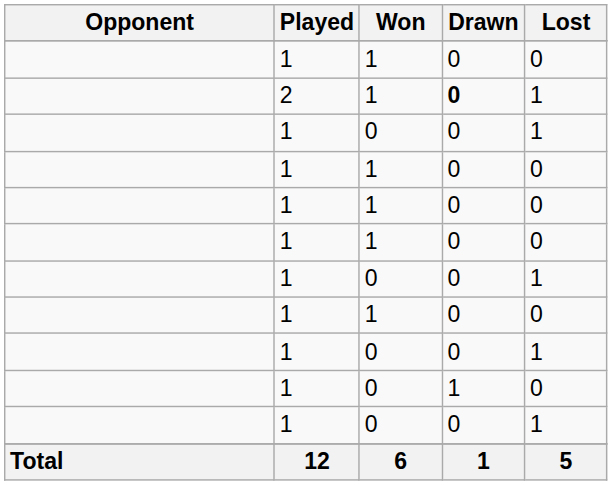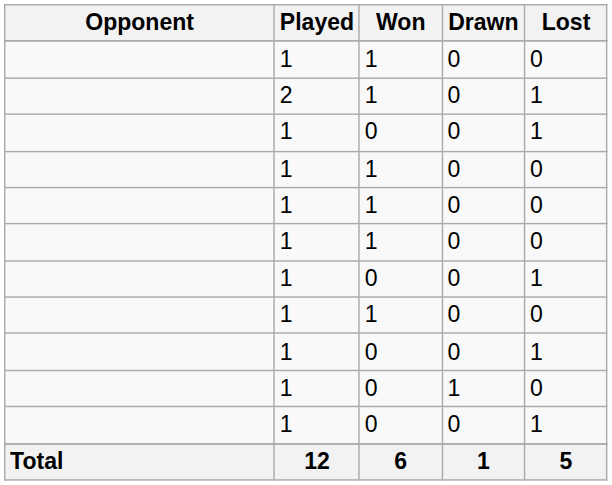 <table class="wikitable sortable" style="font-size:100%">
 <tr>
 <th style="width:180px;">Opponent</th>
 <th style="width:50px;">Played</th>
 <th style="width:50px;">Won</th>
 <th style="width:50px;">Drawn</th>
 <th style="width:50px;">Lost</th>
 </tr>
 <tr>
 </tr>
 <tr>
 <td style="text-align:left;"></td>
 <td>1</td>
 <td>1</td>
 <td>0</td>
 <td>0</td>
 </tr>
 <tr>
 <td style="text-align:left;"></td>
 <td>2</td>
 <td>1</td>
-<td><strong>0</strong></td>
+<td>0</td>
 <td>1</td>
 </tr>
 <tr>
 <td style="text-align:left;"></td>
 <td>1</td>
 <td>0</td>
 <td>0</td>
 <td>1</td>
 </tr>
 <tr>
 <td style="text-align:left;"></td>
 <td>1</td>
 <td>1</td>
 <td>0</td>
 <td>0</td>
 </tr>
 <tr>
 <td style="text-align:left;"></td>
 <td>1</td>
 <td>1</td>
 <td>0</td>
 <td>0</td>
 </tr>
 <tr>
 <td style="text-align:left;"></td>
 <td>1</td>
 <td>1</td>
 <td>0</td>
 <td>0</td>
 </tr>
 <tr>
 <td style="text-align:left;"></td>
 <td>1</td>
 <td>0</td>
 <td>0</td>
 <td>1</td>
 </tr>
 <tr>
 <td style="text-align:left;"></td>
 <td>1</td>
 <td>1</td>
 <td>0</td>
 <td>0</td>
 </tr>
 <tr>
 <td style="text-align:left;"></td>
 <td>1</td>
 <td>0</td>
 <td>0</td>
 <td>1</td>
 </tr>
 <tr>
 <td style="text-align:left;"></td>
 <td>1</td>
 <td>0</td>
 <td>1</td>
 <td>0</td>
 </tr>
 <tr>
 <td style="text-align:left;"></td>
 <td>1</td>
 <td>0</td>
 <td>0</td>
 <td>1</td>
 </tr>
 <tr>
 </tr>
 <tr>
 <th style="text-align:left;"><strong>Total</strong></th>
 <th><strong>12</strong></th>
 <th><strong>6</strong></th>
 <th><strong>1</strong></th>
 <th><strong>5</strong></th>
 </tr>
 </table>
